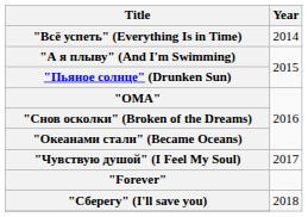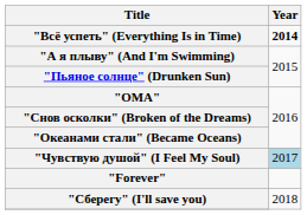 <table class="wikitable plainrowheaders" style="text-align:center;">
 <tr>
 <th scope="col" style="width:20em;">Title</th>
 <th scope="col" style="width:1em;">Year</th>
 </tr>
 <tr>
 <th scope="row">"Всё успеть" <span>(Everything Is in Time)</span></th>
-<td>2014</td>
+<td><strong>2014</strong></td>
 </tr>
 <tr>
 <th scope="row">"А я плыву" <span>(And I'm Swimming)</span></th>
 <td rowspan="2">2015</td>
 </tr>
 <tr>
 <th scope="row"><a href='#'>"Пьяное солнце"</a> <span>(Drunken Sun)</span></th>
 </tr>
 <tr>
 <th scope="row">"OMA"</th>
 <td rowspan="3">2016</td>
 </tr>
 <tr>
 <th scope="row">"Снов осколки" <span>(Broken of the Dreams)</span></th>
 </tr>
 <tr>
 <th scope="row">"Океанами стали" <span>(Became Oceans)</span></th>
 </tr>
 <tr>
 <th scope="row">"Чувствую душой" <span>(I Feel My Soul)</span></th>
-<td>2017</td>
+<td style="background: lightblue;">2017</td>
 </tr>
 <tr>
 <th scope="row">"Forever"</th>
 </tr>
 <tr>
 <th scope="row">"Сберегу" <span>(I'll save you)</span></th>
 <td rowspan="2">2018</td>
 </tr>
 <tr>
 </tr>
 </table>
